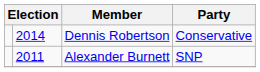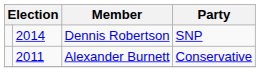 <table class="wikitable">
 <tr>
 <th colspan="2">Election</th>
 <th>Member</th>
 <th>Party</th>
 </tr>
 <tr>
 <td style="background-color: "></td>
 <td><a href='#'>2014</a></td>
 <td><a href='#'>Dennis Robertson</a></td>
-<td><a href='#'>Conservative</a></td>
+<td><a href='#'>SNP</a></td>
 </tr>
 <tr>
 <td style="background-color: "></td>
 <td><a href='#'>2011</a></td>
 <td><a href='#'>Alexander Burnett</a></td>
-<td><a href='#'>SNP</a></td>
+<td><a href='#'>Conservative</a></td>
 </tr>
 <tr>
 </tr>
 </table>
